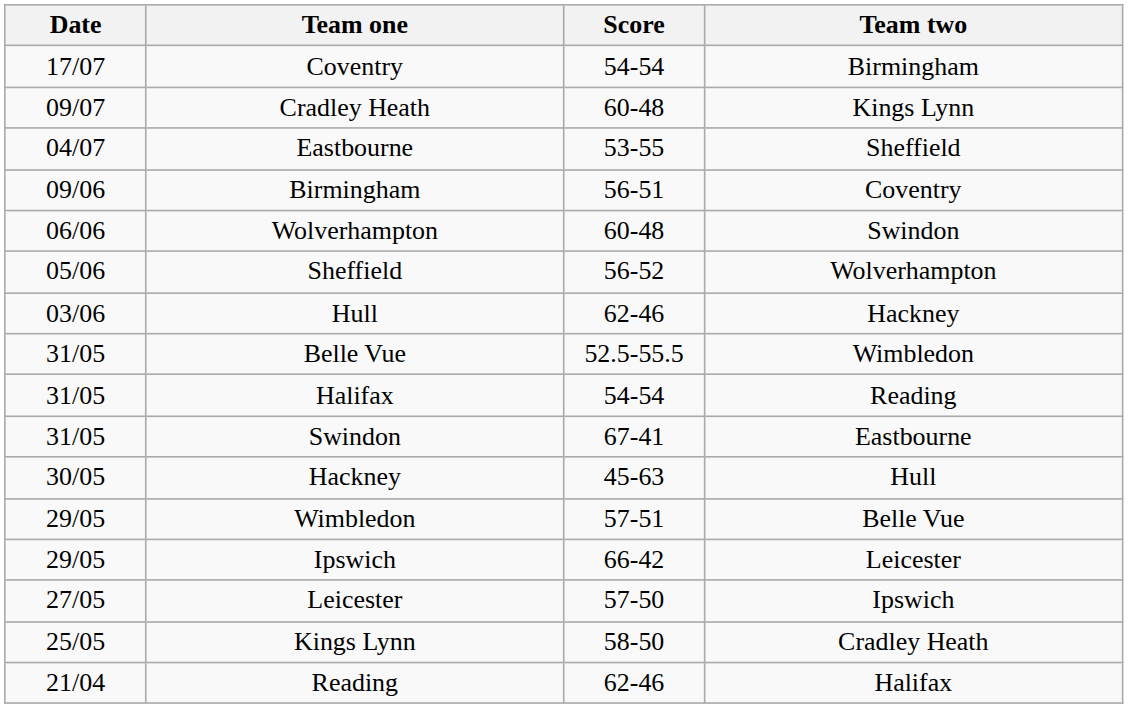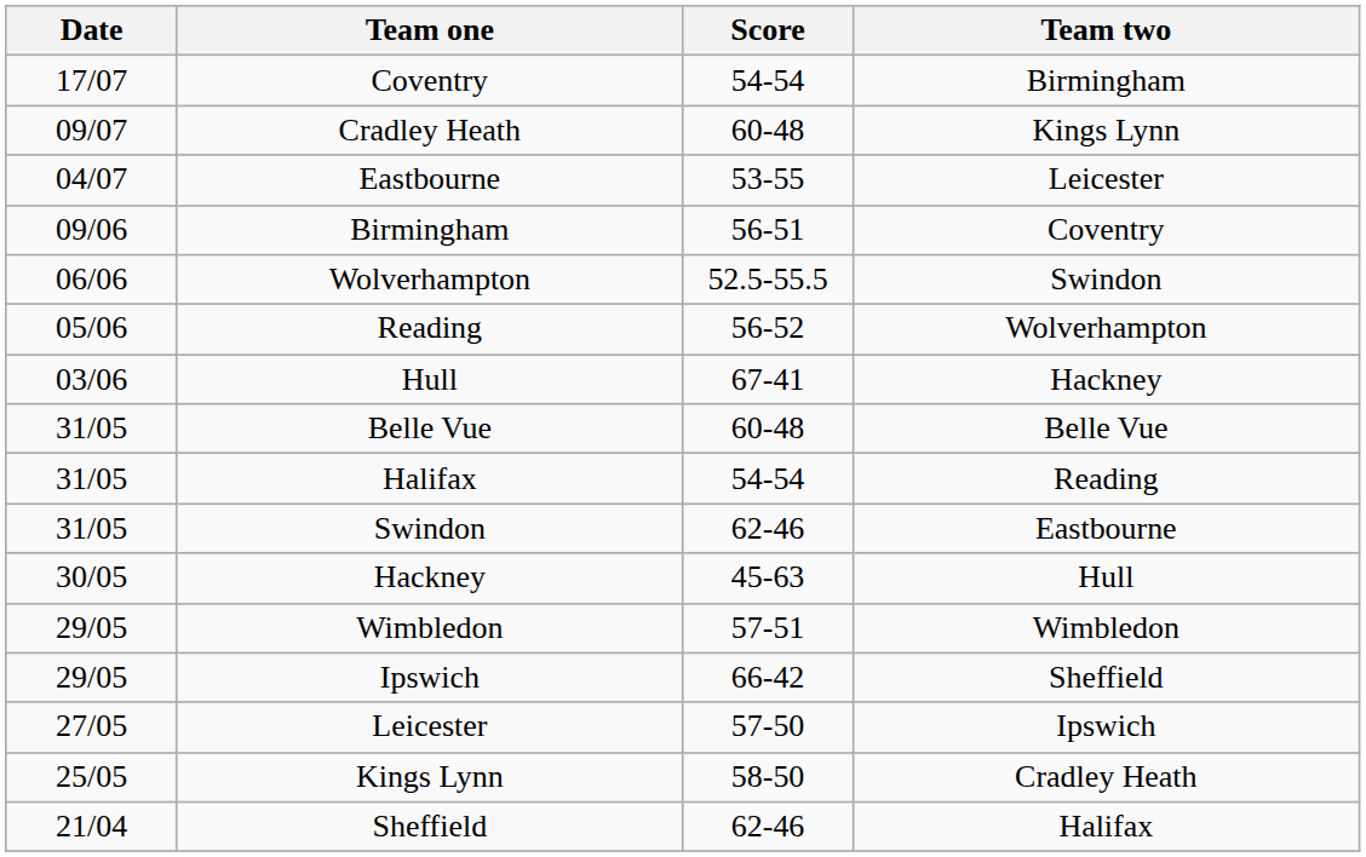 <table class="wikitable" style="text-align: center">
 <tr>
 <th width=80>Date</th>
 <th width=250>Team one</th>
 <th width=80>Score</th>
 <th width=250>Team two</th>
 </tr>
 <tr>
 <td>17/07</td>
 <td>Coventry</td>
 <td>54-54</td>
 <td>Birmingham</td>
 </tr>
 <tr>
 <td>09/07</td>
 <td>Cradley Heath</td>
 <td>60-48</td>
 <td>Kings Lynn</td>
 </tr>
 <tr>
 <td>04/07</td>
 <td>Eastbourne</td>
 <td>53-55</td>
-<td>Sheffield</td>
+<td>Leicester</td>
 </tr>
 <tr>
 <td>09/06</td>
 <td>Birmingham</td>
 <td>56-51</td>
 <td>Coventry</td>
 </tr>
 <tr>
 <td>06/06</td>
 <td>Wolverhampton</td>
-<td>60-48</td>
+<td>52.5-55.5</td>
 <td>Swindon</td>
 </tr>
 <tr>
 <td>05/06</td>
-<td>Sheffield</td>
+<td>Reading</td>
 <td>56-52</td>
 <td>Wolverhampton</td>
 </tr>
 <tr>
 <td>03/06</td>
 <td>Hull</td>
-<td>62-46</td>
+<td>67-41</td>
 <td>Hackney</td>
 </tr>
 <tr>
 <td>31/05</td>
 <td>Belle Vue</td>
-<td>52.5-55.5</td>
-<td>Wimbledon</td>
+<td>60-48</td>
+<td>Belle Vue</td>
 </tr>
 <tr>
 <td>31/05</td>
 <td>Halifax</td>
 <td>54-54</td>
 <td>Reading</td>
 </tr>
 <tr>
 <td>31/05</td>
 <td>Swindon</td>
-<td>67-41</td>
+<td>62-46</td>
 <td>Eastbourne</td>
 </tr>
 <tr>
 <td>30/05</td>
 <td>Hackney</td>
 <td>45-63</td>
 <td>Hull</td>
 </tr>
 <tr>
 <td>29/05</td>
 <td>Wimbledon</td>
 <td>57-51</td>
-<td>Belle Vue</td>
+<td>Wimbledon</td>
 </tr>
 <tr>
 <td>29/05</td>
 <td>Ipswich</td>
 <td>66-42</td>
-<td>Leicester</td>
+<td>Sheffield</td>
 </tr>
 <tr>
 <td>27/05</td>
 <td>Leicester</td>
 <td>57-50</td>
 <td>Ipswich</td>
 </tr>
 <tr>
 <td>25/05</td>
 <td>Kings Lynn</td>
 <td>58-50</td>
 <td>Cradley Heath</td>
 </tr>
 <tr>
 <td>21/04</td>
-<td>Reading</td>
+<td>Sheffield</td>
 <td>62-46</td>
 <td>Halifax</td>
 </tr>
 </table>
